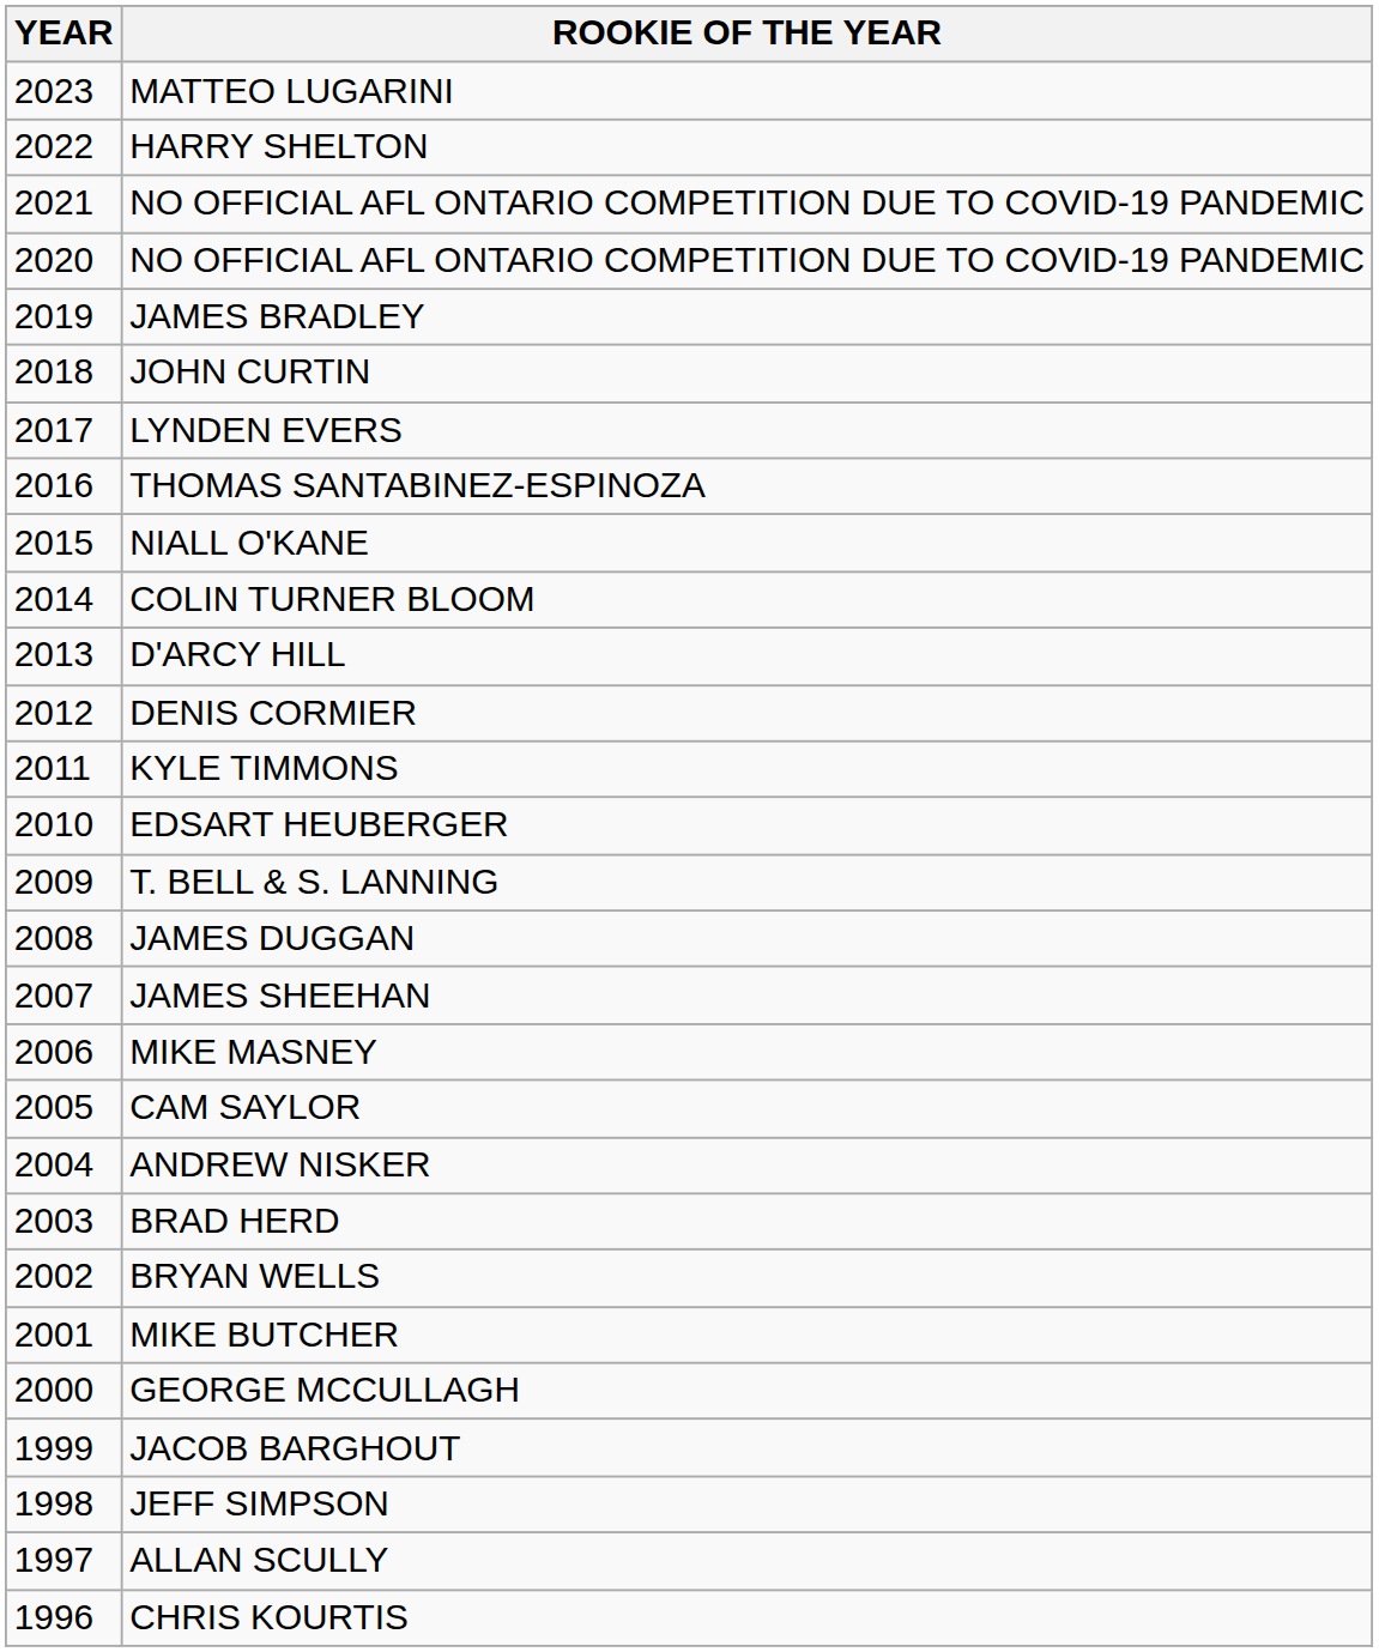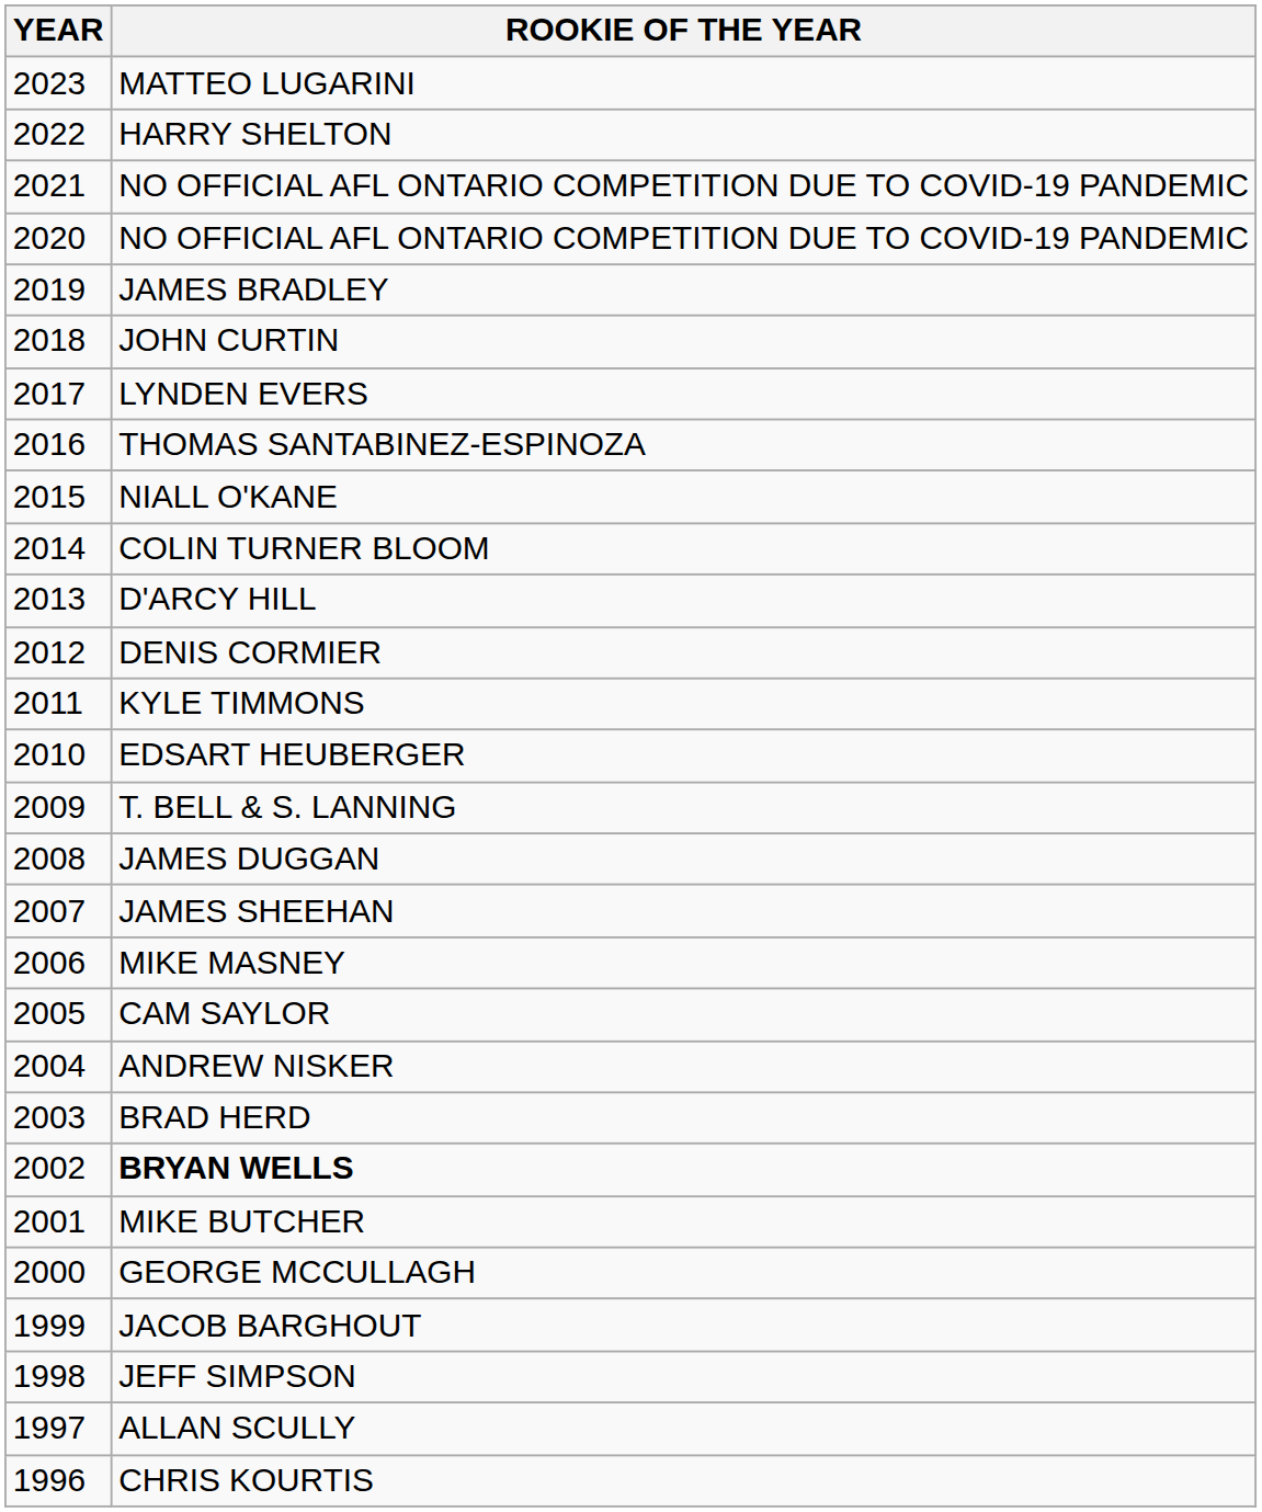 <table class="wikitable">
 <tr>
 <th>YEAR</th>
 <th>ROOKIE OF THE YEAR</th>
 </tr>
 <tr>
 <td>2023</td>
 <td>MATTEO LUGARINI</td>
 </tr>
 <tr>
 <td>2022</td>
 <td>HARRY SHELTON</td>
 </tr>
 <tr>
 <td>2021</td>
 <td>NO OFFICIAL AFL ONTARIO COMPETITION DUE TO COVID-19  PANDEMIC</td>
 </tr>
 <tr>
 <td>2020</td>
 <td>NO OFFICIAL AFL ONTARIO COMPETITION DUE TO COVID-19  PANDEMIC</td>
 </tr>
 <tr>
 <td>2019</td>
 <td>JAMES BRADLEY</td>
 </tr>
 <tr>
 <td>2018</td>
 <td>JOHN CURTIN</td>
 </tr>
 <tr>
 <td>2017</td>
 <td>LYNDEN EVERS</td>
 </tr>
 <tr>
 <td>2016</td>
 <td>THOMAS SANTABINEZ-ESPINOZA</td>
 </tr>
 <tr>
 <td>2015</td>
 <td>NIALL O'KANE</td>
 </tr>
 <tr>
 <td>2014</td>
 <td>COLIN TURNER BLOOM</td>
 </tr>
 <tr>
 <td>2013</td>
 <td>D'ARCY HILL</td>
 </tr>
 <tr>
 <td>2012</td>
 <td>DENIS CORMIER</td>
 </tr>
 <tr>
 <td>2011</td>
 <td>KYLE TIMMONS</td>
 </tr>
 <tr>
 <td>2010</td>
 <td>EDSART HEUBERGER</td>
 </tr>
 <tr>
 <td>2009</td>
 <td>T. BELL & S. LANNING</td>
 </tr>
 <tr>
 <td>2008</td>
 <td>JAMES DUGGAN</td>
 </tr>
 <tr>
 <td>2007</td>
 <td>JAMES SHEEHAN</td>
 </tr>
 <tr>
 <td>2006</td>
 <td>MIKE MASNEY</td>
 </tr>
 <tr>
 <td>2005</td>
 <td>CAM SAYLOR</td>
 </tr>
 <tr>
 <td>2004</td>
 <td>ANDREW NISKER</td>
 </tr>
 <tr>
 <td>2003</td>
 <td>BRAD HERD</td>
 </tr>
 <tr>
 <td>2002</td>
-<td>BRYAN WELLS</td>
+<td><strong>BRYAN WELLS</strong></td>
 </tr>
 <tr>
 <td>2001</td>
 <td>MIKE BUTCHER</td>
 </tr>
 <tr>
 <td>2000</td>
 <td>GEORGE MCCULLAGH</td>
 </tr>
 <tr>
 <td>1999</td>
 <td>JACOB BARGHOUT</td>
 </tr>
 <tr>
 <td>1998</td>
 <td>JEFF SIMPSON</td>
 </tr>
 <tr>
 <td>1997</td>
 <td>ALLAN SCULLY</td>
 </tr>
 <tr>
 <td>1996</td>
 <td>CHRIS KOURTIS</td>
 </tr>
 </table>
